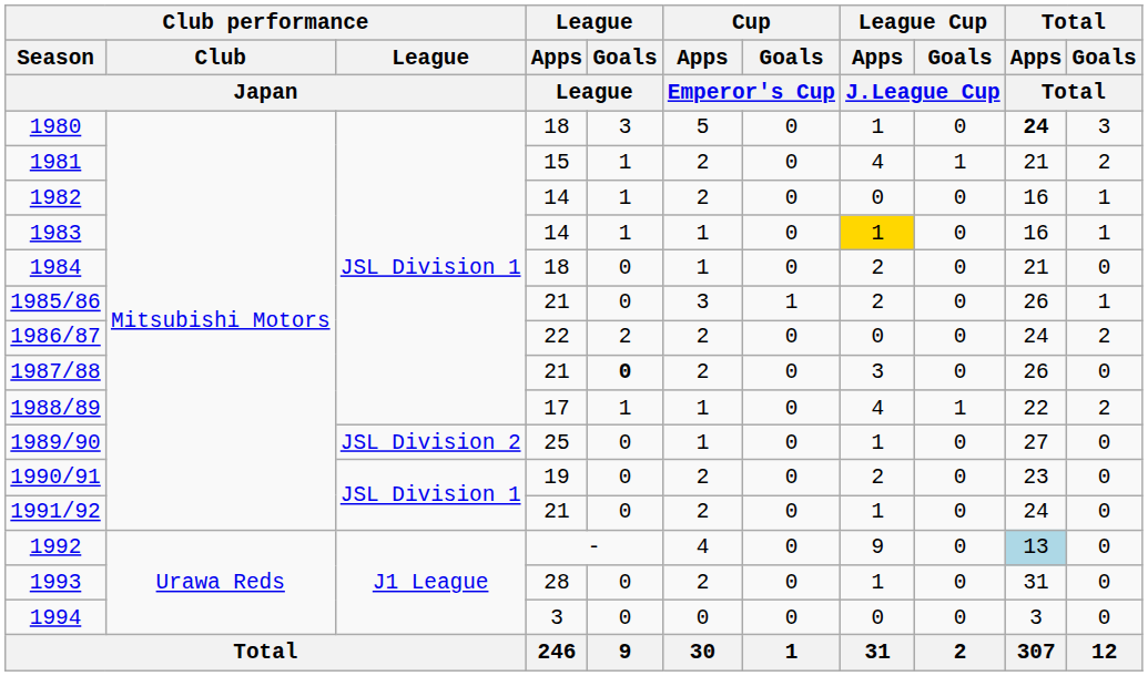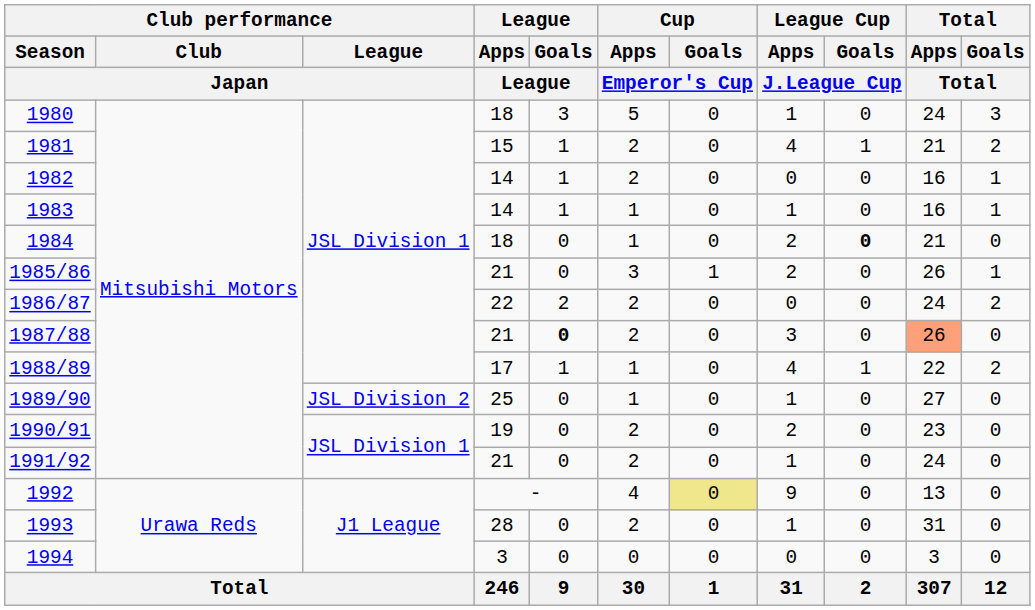 <table class="wikitable" style="text-align:center;">
 <tr>
 <th colspan=3>Club performance</th>
 <th colspan=2>League</th>
 <th colspan=2>Cup</th>
 <th colspan=2>League Cup</th>
 <th colspan=2>Total</th>
 </tr>
 <tr>
 <th>Season</th>
 <th>Club</th>
 <th>League</th>
 <th>Apps</th>
 <th>Goals</th>
 <th>Apps</th>
 <th>Goals</th>
 <th>Apps</th>
 <th>Goals</th>
 <th>Apps</th>
 <th>Goals</th>
 </tr>
 <tr>
 <th colspan=3>Japan</th>
 <th colspan=2>League</th>
 <th colspan=2><a href='#'>Emperor's Cup</a></th>
 <th colspan=2><a href='#'>J.League Cup</a></th>
 <th colspan=2>Total</th>
 </tr>
 <tr>
 <td><a href='#'>1980</a></td>
 <td rowspan="12"><a href='#'>Mitsubishi Motors</a></td>
 <td rowspan="9"><a href='#'>JSL Division 1</a></td>
 <td>18</td>
 <td>3</td>
 <td>5</td>
 <td>0</td>
 <td>1</td>
 <td>0</td>
-<td><strong>24</strong></td>
+<td>24</td>
 <td>3</td>
 </tr>
 <tr>
 <td><a href='#'>1981</a></td>
 <td>15</td>
 <td>1</td>
 <td>2</td>
 <td>0</td>
 <td>4</td>
 <td>1</td>
 <td>21</td>
 <td>2</td>
 </tr>
 <tr>
 <td><a href='#'>1982</a></td>
 <td>14</td>
 <td>1</td>
 <td>2</td>
 <td>0</td>
 <td>0</td>
 <td>0</td>
 <td>16</td>
 <td>1</td>
 </tr>
 <tr>
 <td><a href='#'>1983</a></td>
 <td>14</td>
 <td>1</td>
 <td>1</td>
 <td>0</td>
-<td style="background: gold;">1</td>
+<td>1</td>
 <td>0</td>
 <td>16</td>
 <td>1</td>
 </tr>
 <tr>
 <td><a href='#'>1984</a></td>
 <td>18</td>
 <td>0</td>
 <td>1</td>
 <td>0</td>
 <td>2</td>
-<td>0</td>
+<td><strong>0</strong></td>
 <td>21</td>
 <td>0</td>
 </tr>
 <tr>
 <td><a href='#'>1985/86</a></td>
 <td>21</td>
 <td>0</td>
 <td>3</td>
 <td>1</td>
 <td>2</td>
 <td>0</td>
 <td>26</td>
 <td>1</td>
 </tr>
 <tr>
 <td><a href='#'>1986/87</a></td>
 <td>22</td>
 <td>2</td>
 <td>2</td>
 <td>0</td>
 <td>0</td>
 <td>0</td>
 <td>24</td>
 <td>2</td>
 </tr>
 <tr>
 <td><a href='#'>1987/88</a></td>
 <td>21</td>
 <td><strong>0</strong></td>
 <td>2</td>
 <td>0</td>
 <td>3</td>
 <td>0</td>
-<td>26</td>
+<td style="background: lightsalmon;">26</td>
 <td>0</td>
 </tr>
 <tr>
 <td><a href='#'>1988/89</a></td>
 <td>17</td>
 <td>1</td>
 <td>1</td>
 <td>0</td>
 <td>4</td>
 <td>1</td>
 <td>22</td>
 <td>2</td>
 </tr>
 <tr>
 <td><a href='#'>1989/90</a></td>
 <td><a href='#'>JSL Division 2</a></td>
 <td>25</td>
 <td>0</td>
 <td>1</td>
 <td>0</td>
 <td>1</td>
 <td>0</td>
 <td>27</td>
 <td>0</td>
 </tr>
 <tr>
 <td><a href='#'>1990/91</a></td>
 <td rowspan="2"><a href='#'>JSL Division 1</a></td>
 <td>19</td>
 <td>0</td>
 <td>2</td>
 <td>0</td>
 <td>2</td>
 <td>0</td>
 <td>23</td>
 <td>0</td>
 </tr>
 <tr>
 <td><a href='#'>1991/92</a></td>
 <td>21</td>
 <td>0</td>
 <td>2</td>
 <td>0</td>
 <td>1</td>
 <td>0</td>
 <td>24</td>
 <td>0</td>
 </tr>
 <tr>
 <td><a href='#'>1992</a></td>
 <td rowspan="3"><a href='#'>Urawa Reds</a></td>
 <td rowspan="3"><a href='#'>J1 League</a></td>
 <td colspan="2">-</td>
 <td>4</td>
-<td>0</td>
+<td style="background: khaki;">0</td>
 <td>9</td>
 <td>0</td>
-<td style="background: lightblue;">13</td>
+<td>13</td>
 <td>0</td>
 </tr>
 <tr>
 <td><a href='#'>1993</a></td>
 <td>28</td>
 <td>0</td>
 <td>2</td>
 <td>0</td>
 <td>1</td>
 <td>0</td>
 <td>31</td>
 <td>0</td>
 </tr>
 <tr>
 <td><a href='#'>1994</a></td>
 <td>3</td>
 <td>0</td>
 <td>0</td>
 <td>0</td>
 <td>0</td>
 <td>0</td>
 <td>3</td>
 <td>0</td>
 </tr>
 <tr>
 <th colspan=3>Total</th>
 <th>246</th>
 <th>9</th>
 <th>30</th>
 <th>1</th>
 <th>31</th>
 <th>2</th>
 <th>307</th>
 <th>12</th>
 </tr>
 </table>
